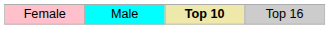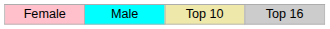 <table class="wikitable" style="margin:1em auto; text-align:center;">
 <tr>
 </tr>
 <tr>
 <td style="background:pink;" width="15%">Female</td>
 <td style="background:cyan;" width="15%">Male</td>
-<td style="background:palegoldenrod;" width="15%"><strong>Top 10</strong></td>
+<td style="background:palegoldenrod;" width="15%">Top 10</td>
 <td style="background:#CCCCCC;" width="15%">Top 16</td>
 </tr>
 </table>
